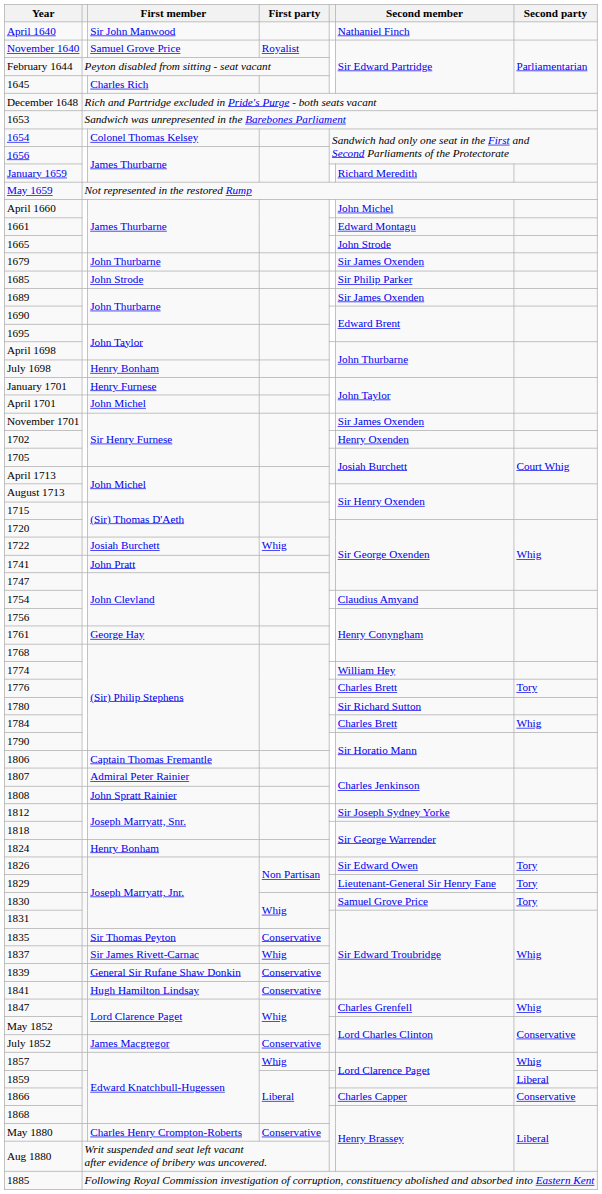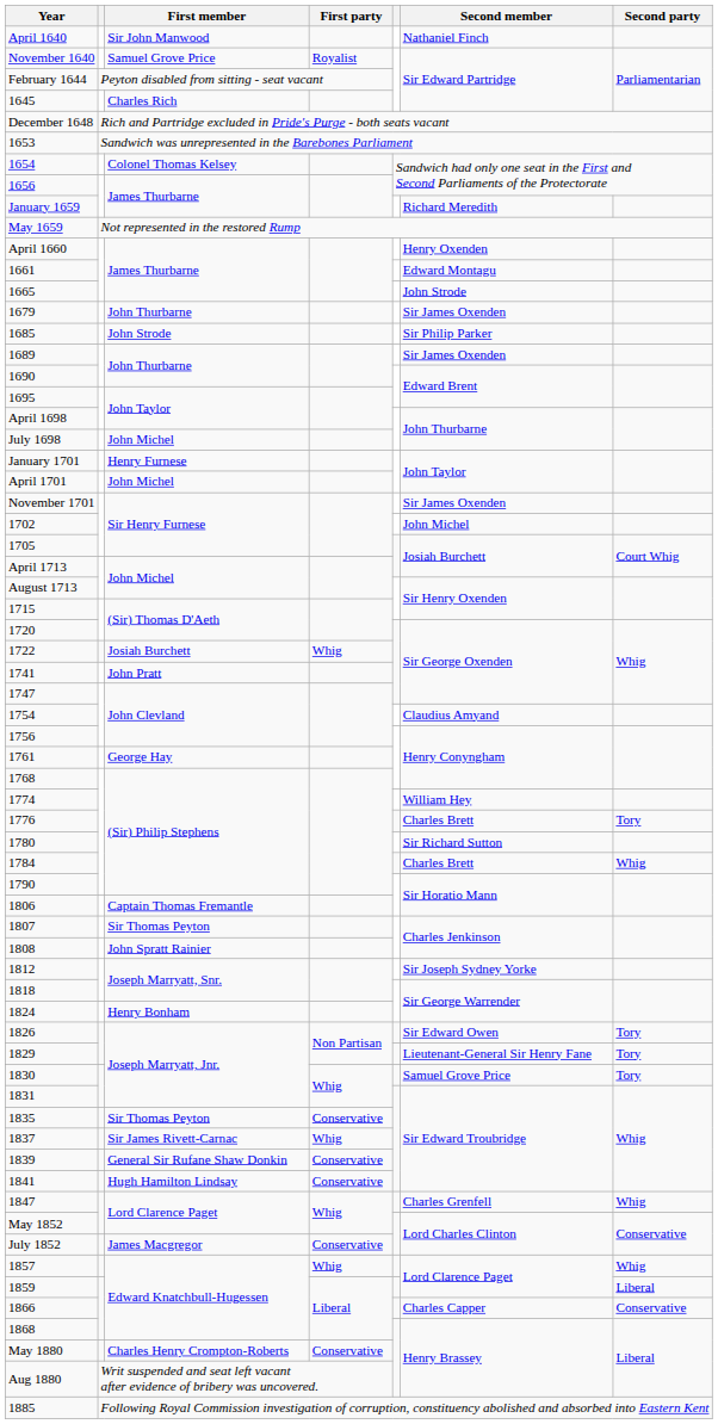 <table class="wikitable">
 <tr>
 <th>Year</th>
 <th></th>
 <th>First member</th>
 <th>First party</th>
 <th></th>
 <th>Second member</th>
 <th>Second party</th>
 </tr>
 <tr>
 <td><a href='#'>April 1640</a></td>
 <td style="color:inherit;background-color: white"></td>
 <td><a href='#'>Sir John Manwood</a></td>
 <td></td>
 <td style="color:inherit;background-color: white"></td>
 <td><a href='#'>Nathaniel Finch</a></td>
 <td></td>
 </tr>
 <tr>
 <td><a href='#'>November 1640</a></td>
 <td style="color:inherit;background-color: white"></td>
 <td><a href='#'>Samuel Grove Price</a></td>
 <td><a href='#'>Royalist</a></td>
 <td rowspan="3" style="color:inherit;background-color: white"></td>
 <td rowspan="3"><a href='#'>Sir Edward Partridge</a></td>
 <td rowspan="3"><a href='#'>Parliamentarian</a></td>
 </tr>
 <tr>
 <td>February 1644</td>
 <td colspan="3"><em>Peyton disabled from sitting - seat vacant</em></td>
 </tr>
 <tr>
 <td>1645</td>
 <td style="color:inherit;background-color: white"></td>
 <td><a href='#'>Charles Rich</a></td>
 <td></td>
 </tr>
 <tr>
 <td>December 1648</td>
 <td colspan="6"><em>Rich and Partridge excluded in <a href='#'>Pride's Purge</a> - both seats vacant</em></td>
 </tr>
 <tr>
 <td>1653</td>
 <td colspan="6"><em>Sandwich was unrepresented in the <a href='#'>Barebones Parliament</a></em></td>
 </tr>
 <tr>
 <td><a href='#'>1654</a></td>
 <td style="color:inherit;background-color: white"></td>
 <td><a href='#'>Colonel Thomas Kelsey</a></td>
 <td></td>
 <td rowspan="2" colspan="3"><em>Sandwich had only one seat in the <a href='#'>First</a>  and <br><a href='#'>Second</a> Parliaments of the Protectorate</em></td>
 </tr>
 <tr>
 <td><a href='#'>1656</a></td>
 <td rowspan="2" style="color:inherit;background-color: white"></td>
 <td rowspan="2"><a href='#'>James Thurbarne</a></td>
 <td rowspan="2"></td>
 </tr>
 <tr>
 <td><a href='#'>January 1659</a></td>
 <td style="color:inherit;background-color: white"></td>
 <td><a href='#'>Richard Meredith</a></td>
 <td></td>
 </tr>
 <tr>
 <td><a href='#'>May 1659</a></td>
 <td colspan="6"><em>Not represented in the restored <a href='#'>Rump</a></em></td>
 </tr>
 <tr>
 <td>April 1660</td>
 <td rowspan="3" style="color:inherit;background-color: white"></td>
 <td rowspan="3"><a href='#'>James Thurbarne</a></td>
 <td rowspan="3"></td>
 <td style="color:inherit;background-color: white"></td>
-<td><a href='#'>John Michel</a></td>
+<td><a href='#'>Henry Oxenden</a></td>
 <td></td>
 </tr>
 <tr>
 <td>1661</td>
 <td style="color:inherit;background-color: white"></td>
 <td><a href='#'>Edward Montagu</a></td>
 <td></td>
 </tr>
 <tr>
 <td>1665</td>
 <td style="color:inherit;background-color: white"></td>
 <td><a href='#'>John Strode</a></td>
 <td></td>
 </tr>
 <tr>
 <td>1679</td>
 <td style="color:inherit;background-color: white"></td>
 <td><a href='#'>John Thurbarne</a></td>
 <td></td>
 <td style="color:inherit;background-color: white"></td>
 <td><a href='#'>Sir James Oxenden</a></td>
 <td></td>
 </tr>
 <tr>
 <td>1685</td>
 <td style="color:inherit;background-color: white"></td>
 <td><a href='#'>John Strode</a></td>
 <td></td>
 <td style="color:inherit;background-color: white"></td>
 <td><a href='#'>Sir Philip Parker</a></td>
 <td></td>
 </tr>
 <tr>
 <td>1689</td>
 <td rowspan="2" style="color:inherit;background-color: white"></td>
 <td rowspan="2"><a href='#'>John Thurbarne</a></td>
 <td rowspan="2"></td>
 <td style="color:inherit;background-color: white"></td>
 <td><a href='#'>Sir James Oxenden</a></td>
 <td></td>
 </tr>
 <tr>
 <td>1690</td>
 <td rowspan="2" style="color:inherit;background-color: white"></td>
 <td rowspan="2"><a href='#'>Edward Brent</a></td>
 <td rowspan="2"></td>
 </tr>
 <tr>
 <td>1695</td>
 <td rowspan="2" style="color:inherit;background-color: white"></td>
 <td rowspan="2"><a href='#'>John Taylor</a></td>
 <td rowspan="2"></td>
 </tr>
 <tr>
 <td>April 1698</td>
 <td rowspan="2" style="color:inherit;background-color: white"></td>
 <td rowspan="2"><a href='#'>John Thurbarne</a></td>
 <td rowspan="2"></td>
 </tr>
 <tr>
 <td>July 1698</td>
 <td style="color:inherit;background-color: white"></td>
-<td><a href='#'>Henry Bonham</a></td>
+<td><a href='#'>John Michel</a></td>
 <td></td>
 </tr>
 <tr>
 <td>January 1701</td>
 <td style="color:inherit;background-color: white"></td>
 <td><a href='#'>Henry Furnese</a></td>
 <td></td>
 <td rowspan="2" style="color:inherit;background-color: white"></td>
 <td rowspan="2"><a href='#'>John Taylor</a></td>
 <td rowspan="2"></td>
 </tr>
 <tr>
 <td>April 1701</td>
 <td style="color:inherit;background-color: white"></td>
 <td><a href='#'>John Michel</a></td>
 <td></td>
 </tr>
 <tr>
 <td>November 1701</td>
 <td rowspan="3" style="color:inherit;background-color: white"></td>
 <td rowspan="3"><a href='#'>Sir Henry Furnese</a></td>
 <td rowspan="3"></td>
 <td style="color:inherit;background-color: white"></td>
 <td><a href='#'>Sir James Oxenden</a></td>
 <td></td>
 </tr>
 <tr>
 <td>1702</td>
 <td style="color:inherit;background-color: white"></td>
-<td><a href='#'>Henry Oxenden</a></td>
+<td><a href='#'>John Michel</a></td>
 <td></td>
 </tr>
 <tr>
 <td>1705</td>
 <td rowspan="2" style="color:inherit;background-color: "></td>
 <td rowspan="2"><a href='#'>Josiah Burchett</a></td>
 <td rowspan="2"><a href='#'>Court Whig</a></td>
 </tr>
 <tr>
 <td>April 1713</td>
 <td rowspan="2" style="color:inherit;background-color: white"></td>
 <td rowspan="2"><a href='#'>John Michel</a></td>
 <td rowspan="2"></td>
 </tr>
 <tr>
 <td>August 1713</td>
 <td rowspan="2" style="color:inherit;background-color: white"></td>
 <td rowspan="2"><a href='#'>Sir Henry Oxenden</a></td>
 <td rowspan="2"></td>
 </tr>
 <tr>
 <td>1715</td>
 <td rowspan="2" style="color:inherit;background-color: white"></td>
 <td rowspan="2"><a href='#'>(Sir) Thomas D'Aeth</a></td>
 <td rowspan="2"></td>
 </tr>
 <tr>
 <td>1720</td>
 <td rowspan="4" style="color:inherit;background-color: "></td>
 <td rowspan="4"><a href='#'>Sir George Oxenden</a></td>
 <td rowspan="4"><a href='#'>Whig</a></td>
 </tr>
 <tr>
 <td>1722</td>
 <td style="color:inherit;background-color: "></td>
 <td><a href='#'>Josiah Burchett</a></td>
 <td><a href='#'>Whig</a></td>
 </tr>
 <tr>
 <td>1741</td>
 <td style="color:inherit;background-color: white"></td>
 <td><a href='#'>John Pratt</a></td>
 <td></td>
 </tr>
 <tr>
 <td>1747</td>
 <td rowspan="3" style="color:inherit;background-color: white"></td>
 <td rowspan="3"><a href='#'>John Clevland</a></td>
 <td rowspan="3"></td>
 </tr>
 <tr>
 <td>1754</td>
 <td style="color:inherit;background-color: white"></td>
 <td><a href='#'>Claudius Amyand</a></td>
 <td></td>
 </tr>
 <tr>
 <td>1756</td>
 <td rowspan="3" style="color:inherit;background-color: white"></td>
 <td rowspan="3"><a href='#'>Henry Conyngham</a></td>
 <td rowspan="3"></td>
 </tr>
 <tr>
 <td>1761</td>
 <td style="color:inherit;background-color: white"></td>
 <td><a href='#'>George Hay</a></td>
 <td></td>
 </tr>
 <tr>
 <td>1768</td>
 <td rowspan="6" style="color:inherit;background-color: white"></td>
 <td rowspan="6"><a href='#'>(Sir) Philip Stephens</a></td>
 <td rowspan="6"></td>
 </tr>
 <tr>
 <td>1774</td>
 <td style="color:inherit;background-color: white"></td>
 <td><a href='#'>William Hey</a></td>
 <td></td>
 </tr>
 <tr>
 <td>1776</td>
 <td style="color:inherit;background-color: "></td>
 <td><a href='#'>Charles Brett</a></td>
 <td><a href='#'>Tory</a></td>
 </tr>
 <tr>
 <td>1780</td>
 <td style="color:inherit;background-color: white"></td>
 <td><a href='#'>Sir Richard Sutton</a></td>
 <td></td>
 </tr>
 <tr>
 <td>1784</td>
 <td style="color:inherit;background-color: "></td>
 <td><a href='#'>Charles Brett</a></td>
 <td><a href='#'>Whig</a></td>
 </tr>
 <tr>
 <td>1790</td>
 <td rowspan="2" style="color:inherit;background-color: white"></td>
 <td rowspan="2"><a href='#'>Sir Horatio Mann</a></td>
 <td rowspan="2"></td>
 </tr>
 <tr>
 <td>1806</td>
 <td style="color:inherit;background-color: white"></td>
 <td><a href='#'>Captain Thomas Fremantle</a></td>
 <td></td>
 </tr>
 <tr>
 <td>1807</td>
 <td style="color:inherit;background-color: white"></td>
-<td><a href='#'>Admiral Peter Rainier</a></td>
+<td><a href='#'>Sir Thomas Peyton</a></td>
 <td></td>
 <td rowspan="2" style="color:inherit;background-color: white"></td>
 <td rowspan="2"><a href='#'>Charles Jenkinson</a></td>
 <td rowspan="2"></td>
 </tr>
 <tr>
 <td>1808</td>
 <td style="color:inherit;background-color: white"></td>
 <td><a href='#'>John Spratt Rainier</a></td>
 <td></td>
 </tr>
 <tr>
 <td>1812</td>
 <td rowspan="2" style="color:inherit;background-color: white"></td>
 <td rowspan="2"><a href='#'>Joseph Marryatt, Snr.</a></td>
 <td rowspan="2"></td>
 <td style="color:inherit;background-color: white"></td>
 <td><a href='#'>Sir Joseph Sydney Yorke</a></td>
 <td></td>
 </tr>
 <tr>
 <td>1818</td>
 <td rowspan="2" style="color:inherit;background-color: white"></td>
 <td rowspan="2"><a href='#'>Sir George Warrender</a></td>
 <td rowspan="2"></td>
 </tr>
 <tr>
 <td>1824</td>
 <td style="color:inherit;background-color: white"></td>
 <td><a href='#'>Henry Bonham</a></td>
 <td></td>
 </tr>
 <tr>
 <td>1826</td>
 <td rowspan="2" style="color:inherit;background-color: "></td>
 <td rowspan="4"><a href='#'>Joseph Marryatt, Jnr.</a></td>
 <td rowspan="2"><a href='#'>Non Partisan</a></td>
 <td style="color:inherit;background-color: "></td>
 <td><a href='#'>Sir Edward Owen</a></td>
 <td><a href='#'>Tory</a></td>
 </tr>
 <tr>
 <td>1829</td>
 <td style="color:inherit;background-color: "></td>
 <td><a href='#'>Lieutenant-General Sir Henry Fane</a></td>
 <td><a href='#'>Tory</a></td>
 </tr>
 <tr>
 <td>1830</td>
 <td rowspan="2" style="color:inherit;background-color: "></td>
 <td rowspan="2"><a href='#'>Whig</a></td>
 <td style="color:inherit;background-color: "></td>
 <td><a href='#'>Samuel Grove Price</a></td>
 <td><a href='#'>Tory</a></td>
 </tr>
 <tr>
 <td>1831</td>
 <td rowspan="5" style="color:inherit;background-color: "></td>
 <td rowspan="5"><a href='#'>Sir Edward Troubridge</a></td>
 <td rowspan="5"><a href='#'>Whig</a></td>
 </tr>
 <tr>
 <td>1835</td>
 <td style="color:inherit;background-color: "></td>
 <td><a href='#'>Sir Thomas Peyton</a></td>
 <td><a href='#'>Conservative</a></td>
 </tr>
 <tr>
 <td>1837</td>
 <td style="color:inherit;background-color: "></td>
 <td><a href='#'>Sir James Rivett-Carnac</a></td>
 <td><a href='#'>Whig</a></td>
 </tr>
 <tr>
 <td>1839</td>
 <td style="color:inherit;background-color: "></td>
 <td><a href='#'>General Sir Rufane Shaw Donkin</a></td>
 <td><a href='#'>Conservative</a></td>
 </tr>
 <tr>
 <td>1841</td>
 <td style="color:inherit;background-color: "></td>
 <td><a href='#'>Hugh Hamilton Lindsay</a></td>
 <td><a href='#'>Conservative</a></td>
 </tr>
 <tr>
 <td>1847</td>
 <td rowspan="2" style="color:inherit;background-color: "></td>
 <td rowspan="2"><a href='#'>Lord Clarence Paget</a></td>
 <td rowspan="2"><a href='#'>Whig</a></td>
 <td style="color:inherit;background-color: "></td>
 <td><a href='#'>Charles Grenfell</a></td>
 <td><a href='#'>Whig</a></td>
 </tr>
 <tr>
 <td>May 1852</td>
 <td rowspan="2" style="color:inherit;background-color: "></td>
 <td rowspan="2"><a href='#'>Lord Charles Clinton</a></td>
 <td rowspan="2"><a href='#'>Conservative</a></td>
 </tr>
 <tr>
 <td>July 1852</td>
 <td style="color:inherit;background-color: "></td>
 <td><a href='#'>James Macgregor</a></td>
 <td><a href='#'>Conservative</a></td>
 </tr>
 <tr>
 <td>1857</td>
 <td style="color:inherit;background-color: "></td>
 <td rowspan="4"><a href='#'>Edward Knatchbull-Hugessen</a></td>
 <td><a href='#'>Whig</a></td>
 <td style="color:inherit;background-color: "></td>
 <td rowspan="2"><a href='#'>Lord Clarence Paget</a></td>
 <td><a href='#'>Whig</a></td>
 </tr>
 <tr>
 <td>1859</td>
 <td rowspan="3" style="color:inherit;background-color: "></td>
 <td rowspan="3"><a href='#'>Liberal</a></td>
 <td style="color:inherit;background-color: "></td>
 <td><a href='#'>Liberal</a></td>
 </tr>
 <tr>
 <td>1866</td>
 <td style="color:inherit;background-color: "></td>
 <td><a href='#'>Charles Capper</a></td>
 <td><a href='#'>Conservative</a></td>
 </tr>
 <tr>
 <td>1868</td>
 <td rowspan="3" style="color:inherit;background-color: "></td>
 <td rowspan="3"><a href='#'>Henry Brassey</a></td>
 <td rowspan="3"><a href='#'>Liberal</a></td>
 </tr>
 <tr>
 <td>May 1880</td>
 <td style="color:inherit;background-color: "></td>
 <td><a href='#'>Charles Henry Crompton-Roberts</a></td>
 <td><a href='#'>Conservative</a></td>
 </tr>
 <tr>
 <td>Aug 1880</td>
 <td colspan="3"><em>Writ suspended and seat left vacant<br>after evidence of bribery was uncovered.</em></td>
 </tr>
 <tr>
 <td>1885</td>
 <td colspan="6"><em>Following Royal Commission investigation of corruption, constituency abolished and absorbed into <a href='#'>Eastern Kent</a></em></td>
 </tr>
 </table>
